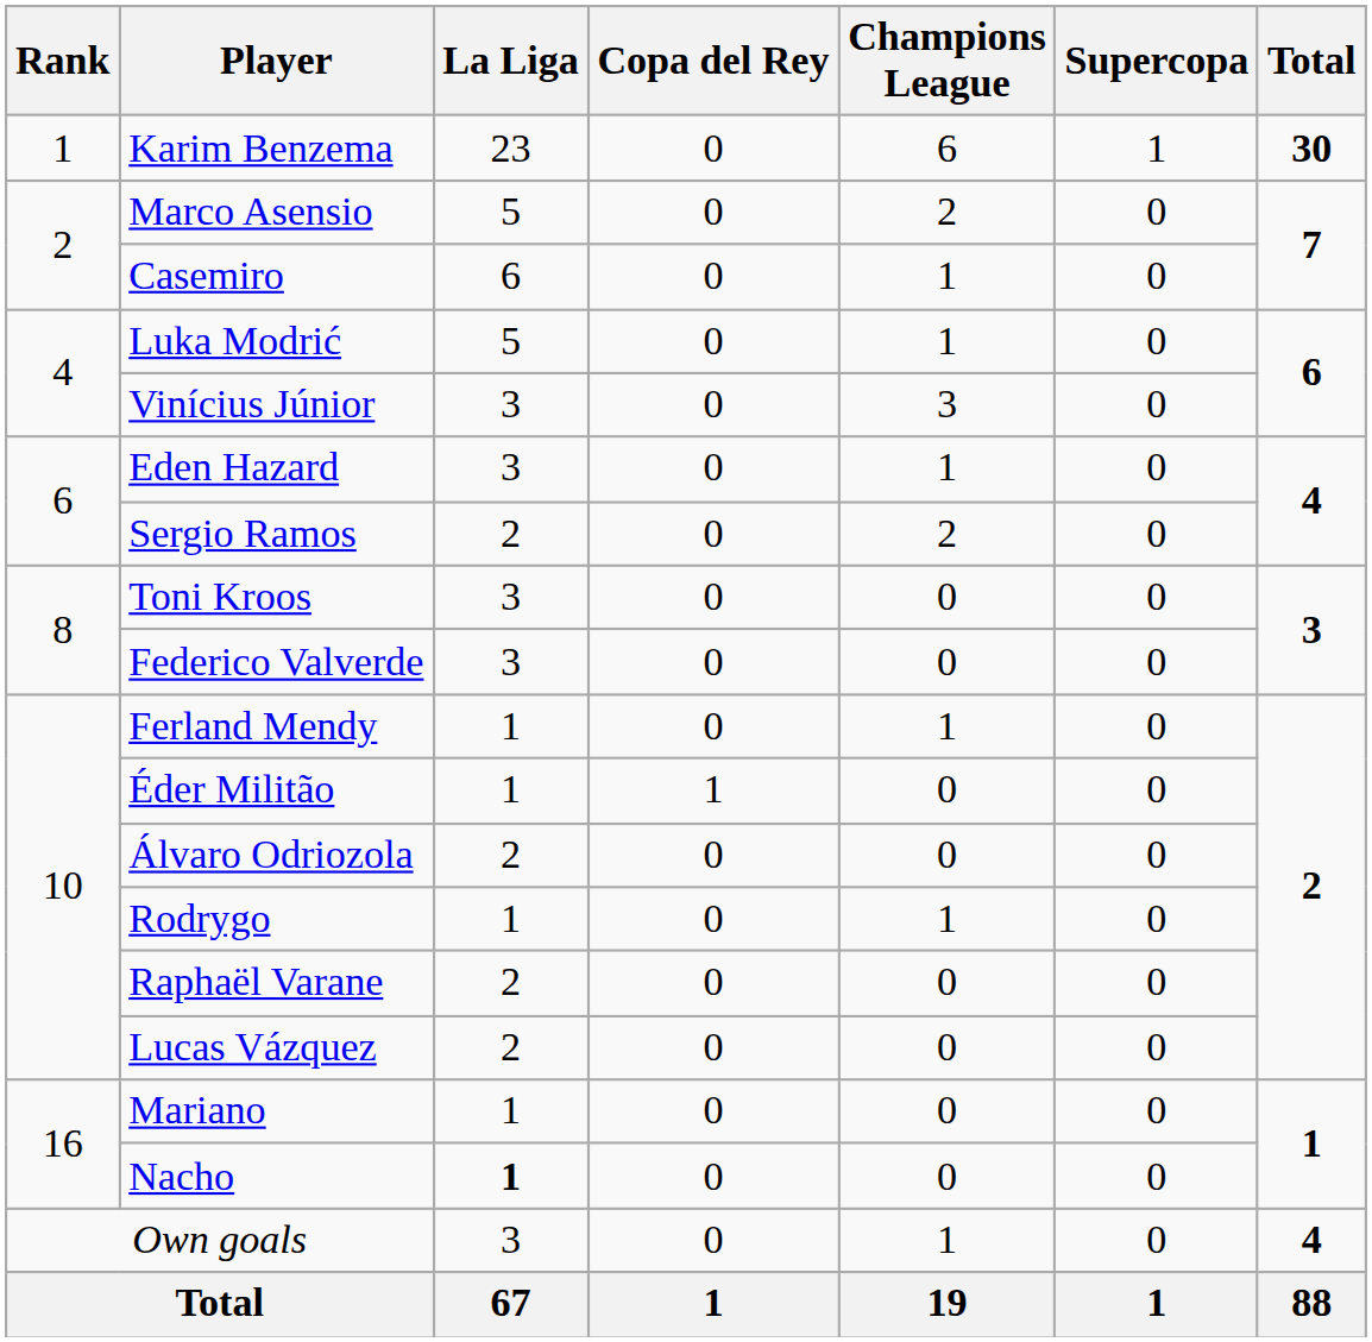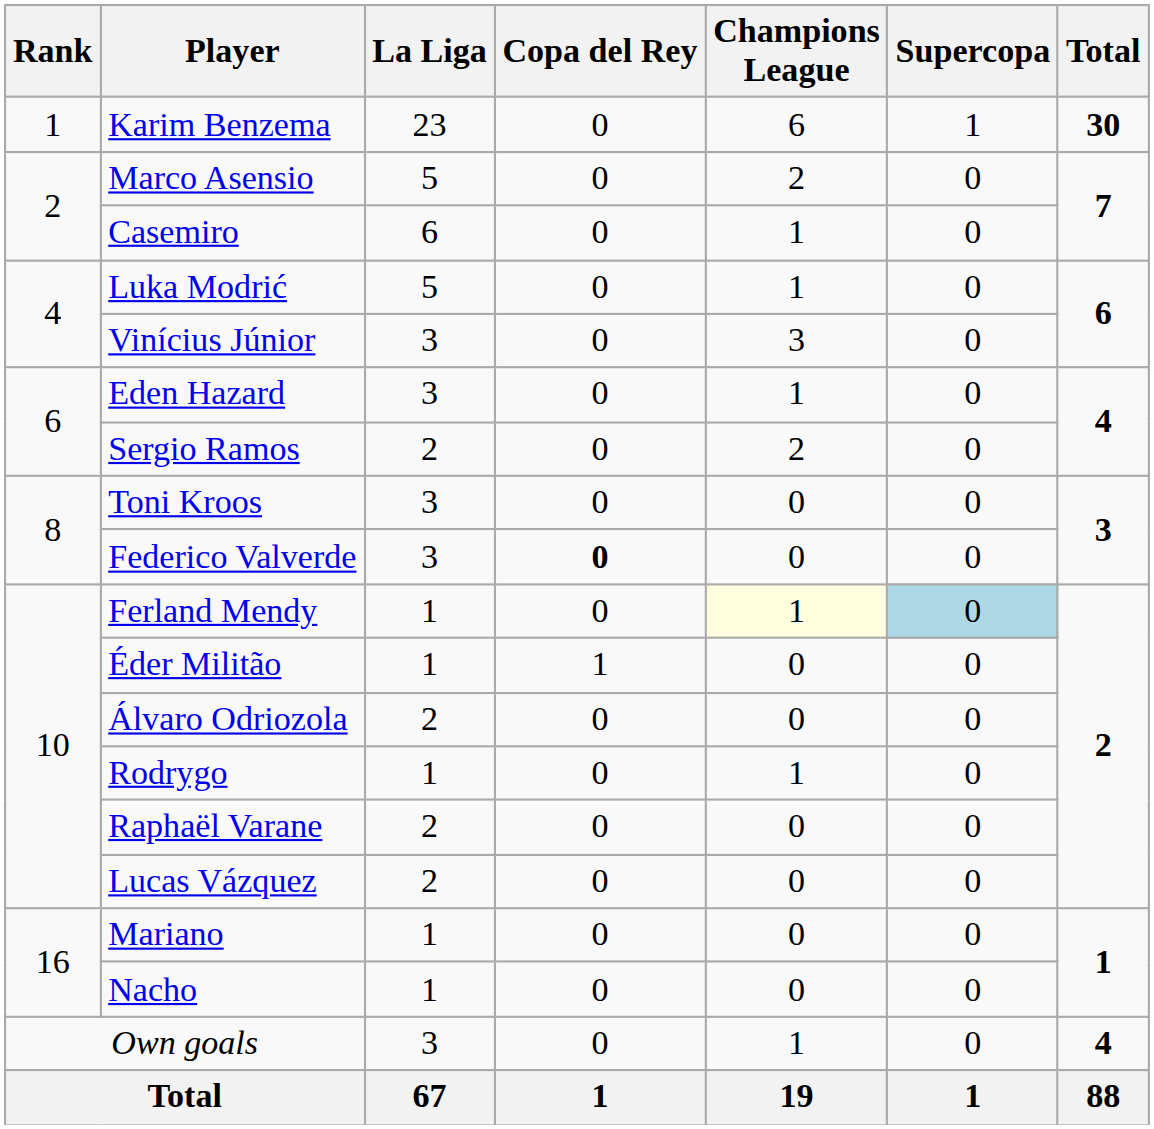 <table class="wikitable" style="text-align: center;">
 <tr>
 <th>Rank</th>
 <th>Player</th>
 <th>La Liga</th>
 <th>Copa del Rey</th>
 <th>Champions<br>League</th>
 <th>Supercopa</th>
 <th>Total</th>
 </tr>
 <tr>
 <td>1</td>
 <td align=left> <a href='#'>Karim Benzema</a></td>
 <td>23</td>
 <td>0</td>
 <td>6</td>
 <td>1</td>
 <td><strong>30</strong></td>
 </tr>
 <tr>
 <td rowspan=2>2</td>
 <td align=left> <a href='#'>Marco Asensio</a></td>
 <td>5</td>
 <td>0</td>
 <td>2</td>
 <td>0</td>
 <td rowspan=2><strong>7</strong></td>
 </tr>
 <tr>
 <td align=left> <a href='#'>Casemiro</a></td>
 <td>6</td>
 <td>0</td>
 <td>1</td>
 <td>0</td>
 </tr>
 <tr>
 <td rowspan=2>4</td>
 <td align=left> <a href='#'>Luka Modrić</a></td>
 <td>5</td>
 <td>0</td>
 <td>1</td>
 <td>0</td>
 <td rowspan=2><strong>6</strong></td>
 </tr>
 <tr>
 <td align=left> <a href='#'>Vinícius Júnior</a></td>
 <td>3</td>
 <td>0</td>
 <td>3</td>
 <td>0</td>
 </tr>
 <tr>
 <td rowspan=2>6</td>
 <td align=left> <a href='#'>Eden Hazard</a></td>
 <td>3</td>
 <td>0</td>
 <td>1</td>
 <td>0</td>
 <td rowspan=2><strong>4</strong></td>
 </tr>
 <tr>
 <td align=left> <a href='#'>Sergio Ramos</a></td>
 <td>2</td>
 <td>0</td>
 <td>2</td>
 <td>0</td>
 </tr>
 <tr>
 <td rowspan=2>8</td>
 <td align=left> <a href='#'>Toni Kroos</a></td>
 <td>3</td>
 <td>0</td>
 <td>0</td>
 <td>0</td>
 <td rowspan=2><strong>3</strong></td>
 </tr>
 <tr>
 <td align=left> <a href='#'>Federico Valverde</a></td>
 <td>3</td>
-<td>0</td>
+<td><strong>0</strong></td>
 <td>0</td>
 <td>0</td>
 </tr>
 <tr>
 <td rowspan=6>10</td>
 <td align=left> <a href='#'>Ferland Mendy</a></td>
 <td>1</td>
 <td>0</td>
-<td>1</td>
-<td>0</td>
+<td style="background: lightyellow;">1</td>
+<td style="background: lightblue;">0</td>
 <td rowspan=6><strong>2</strong></td>
 </tr>
 <tr>
 <td align=left> <a href='#'>Éder Militão</a></td>
 <td>1</td>
 <td>1</td>
 <td>0</td>
 <td>0</td>
 </tr>
 <tr>
 <td align=left> <a href='#'>Álvaro Odriozola</a></td>
 <td>2</td>
 <td>0</td>
 <td>0</td>
 <td>0</td>
 </tr>
 <tr>
 <td align=left> <a href='#'>Rodrygo</a></td>
 <td>1</td>
 <td>0</td>
 <td>1</td>
 <td>0</td>
 </tr>
 <tr>
 <td align=left> <a href='#'>Raphaël Varane</a></td>
 <td>2</td>
 <td>0</td>
 <td>0</td>
 <td>0</td>
 </tr>
 <tr>
 <td align=left> <a href='#'>Lucas Vázquez</a></td>
 <td>2</td>
 <td>0</td>
 <td>0</td>
 <td>0</td>
 </tr>
 <tr>
 <td rowspan=2>16</td>
 <td align=left> <a href='#'>Mariano</a></td>
 <td>1</td>
 <td>0</td>
 <td>0</td>
 <td>0</td>
 <td rowspan=2><strong>1</strong></td>
 </tr>
 <tr>
 <td align=left> <a href='#'>Nacho</a></td>
-<td><strong>1</strong></td>
+<td>1</td>
 <td>0</td>
 <td>0</td>
 <td>0</td>
 </tr>
 <tr>
 <td colspan=2 align=center><em>Own goals</em></td>
 <td>3</td>
 <td>0</td>
 <td>1</td>
 <td>0</td>
 <td><strong>4</strong></td>
 </tr>
 <tr>
 <th colspan=2>Total</th>
 <th>67</th>
 <th>1</th>
 <th>19</th>
 <th>1</th>
 <th>88</th>
 </tr>
 </table>
